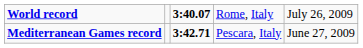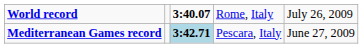 <table class="wikitable">
 <tr>
 <td><strong><a href='#'>World record</a></strong></td>
 <td></td>
 <td><strong>3:40.07</strong></td>
 <td><a href='#'>Rome</a>, <a href='#'>Italy</a></td>
 <td>July 26, 2009</td>
 </tr>
 <tr>
 <td><strong><a href='#'>Mediterranean Games record</a></strong></td>
 <td></td>
-<td><strong>3:42.71</strong></td>
+<td style="background: lightblue;"><strong>3:42.71</strong></td>
 <td><a href='#'>Pescara</a>, <a href='#'>Italy</a></td>
 <td>June 27, 2009</td>
 </tr>
 </table>
